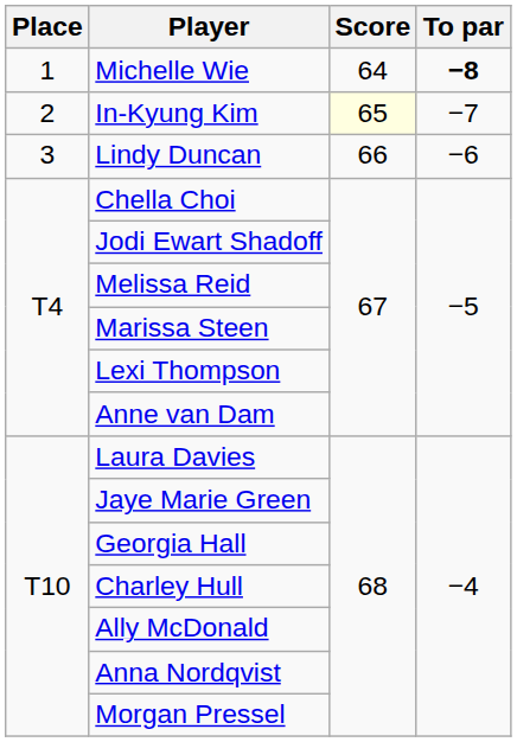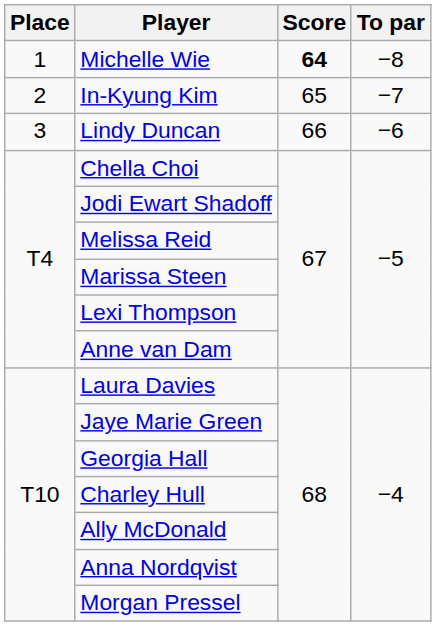 <table class="wikitable">
 <tr>
 <th>Place</th>
 <th>Player</th>
 <th>Score</th>
 <th>To par</th>
 </tr>
 <tr>
 <td align=center>1</td>
 <td> <a href='#'>Michelle Wie</a></td>
-<td align=center>64</td>
-<td align=center><strong>−8</strong></td>
+<td align=center><strong>64</strong></td>
+<td align=center>−8</td>
 </tr>
 <tr>
 <td align=center>2</td>
 <td> <a href='#'>In-Kyung Kim</a></td>
-<td align=center style="background: lightyellow;">65</td>
+<td align=center>65</td>
 <td align=center>−7</td>
 </tr>
 <tr>
 <td align=center>3</td>
 <td> <a href='#'>Lindy Duncan</a></td>
 <td align=center>66</td>
 <td align=center>−6</td>
 </tr>
 <tr>
 <td align=center rowspan=6>T4</td>
 <td> <a href='#'>Chella Choi</a></td>
 <td align=center rowspan=6>67</td>
 <td align=center rowspan=6>−5</td>
 </tr>
 <tr>
 <td> <a href='#'>Jodi Ewart Shadoff</a></td>
 </tr>
 <tr>
 <td> <a href='#'>Melissa Reid</a></td>
 </tr>
 <tr>
 <td> <a href='#'>Marissa Steen</a></td>
 </tr>
 <tr>
 <td> <a href='#'>Lexi Thompson</a></td>
 </tr>
 <tr>
 <td> <a href='#'>Anne van Dam</a></td>
 </tr>
 <tr>
 <td align=center rowspan=7>T10</td>
 <td> <a href='#'>Laura Davies</a></td>
 <td align=center rowspan=7>68</td>
 <td align=center rowspan=7>−4</td>
 </tr>
 <tr>
 <td> <a href='#'>Jaye Marie Green</a></td>
 </tr>
 <tr>
 <td> <a href='#'>Georgia Hall</a></td>
 </tr>
 <tr>
 <td> <a href='#'>Charley Hull</a></td>
 </tr>
 <tr>
 <td> <a href='#'>Ally McDonald</a></td>
 </tr>
 <tr>
 <td> <a href='#'>Anna Nordqvist</a></td>
 </tr>
 <tr>
 <td> <a href='#'>Morgan Pressel</a></td>
 </tr>
 </table>
